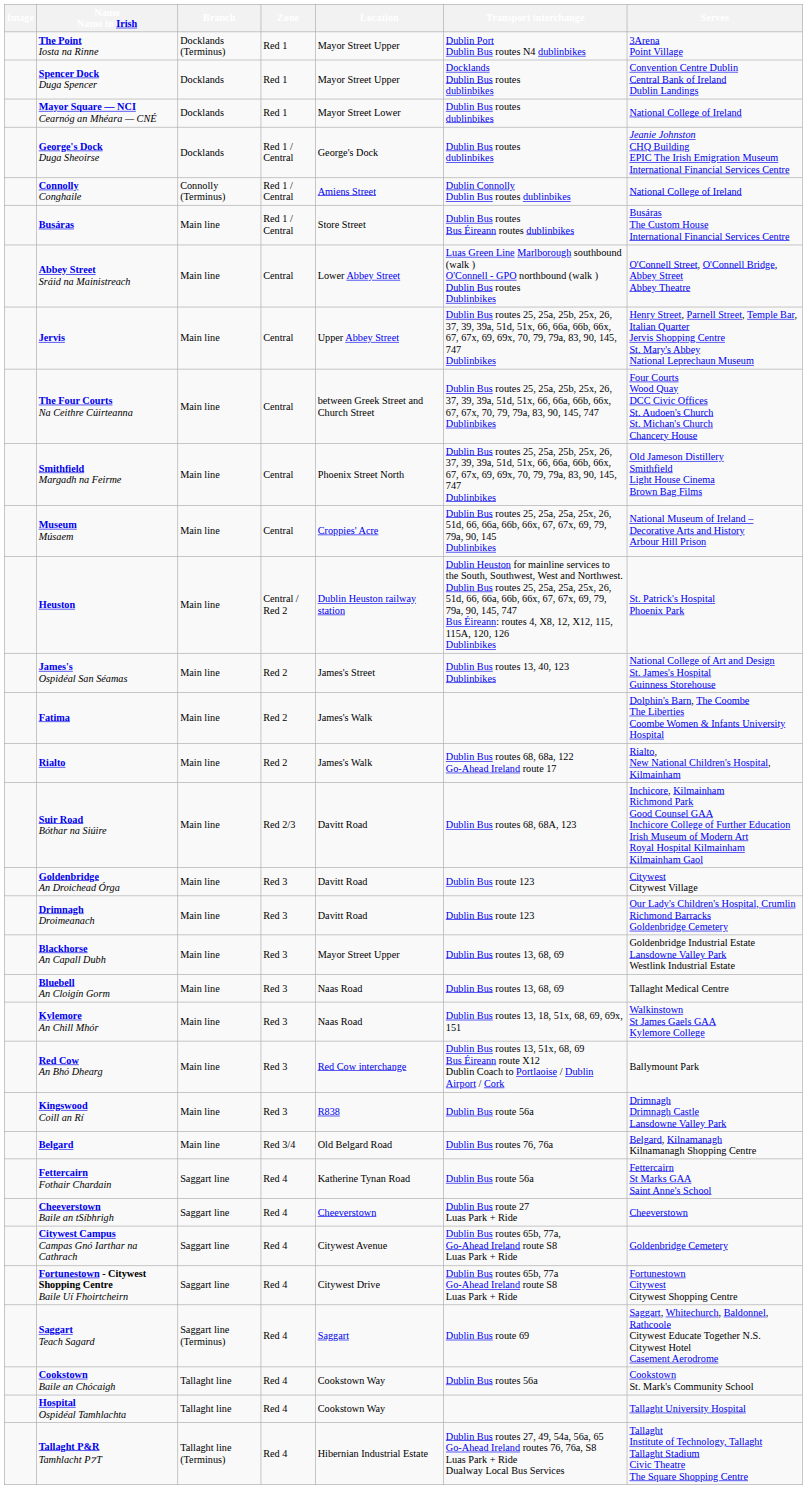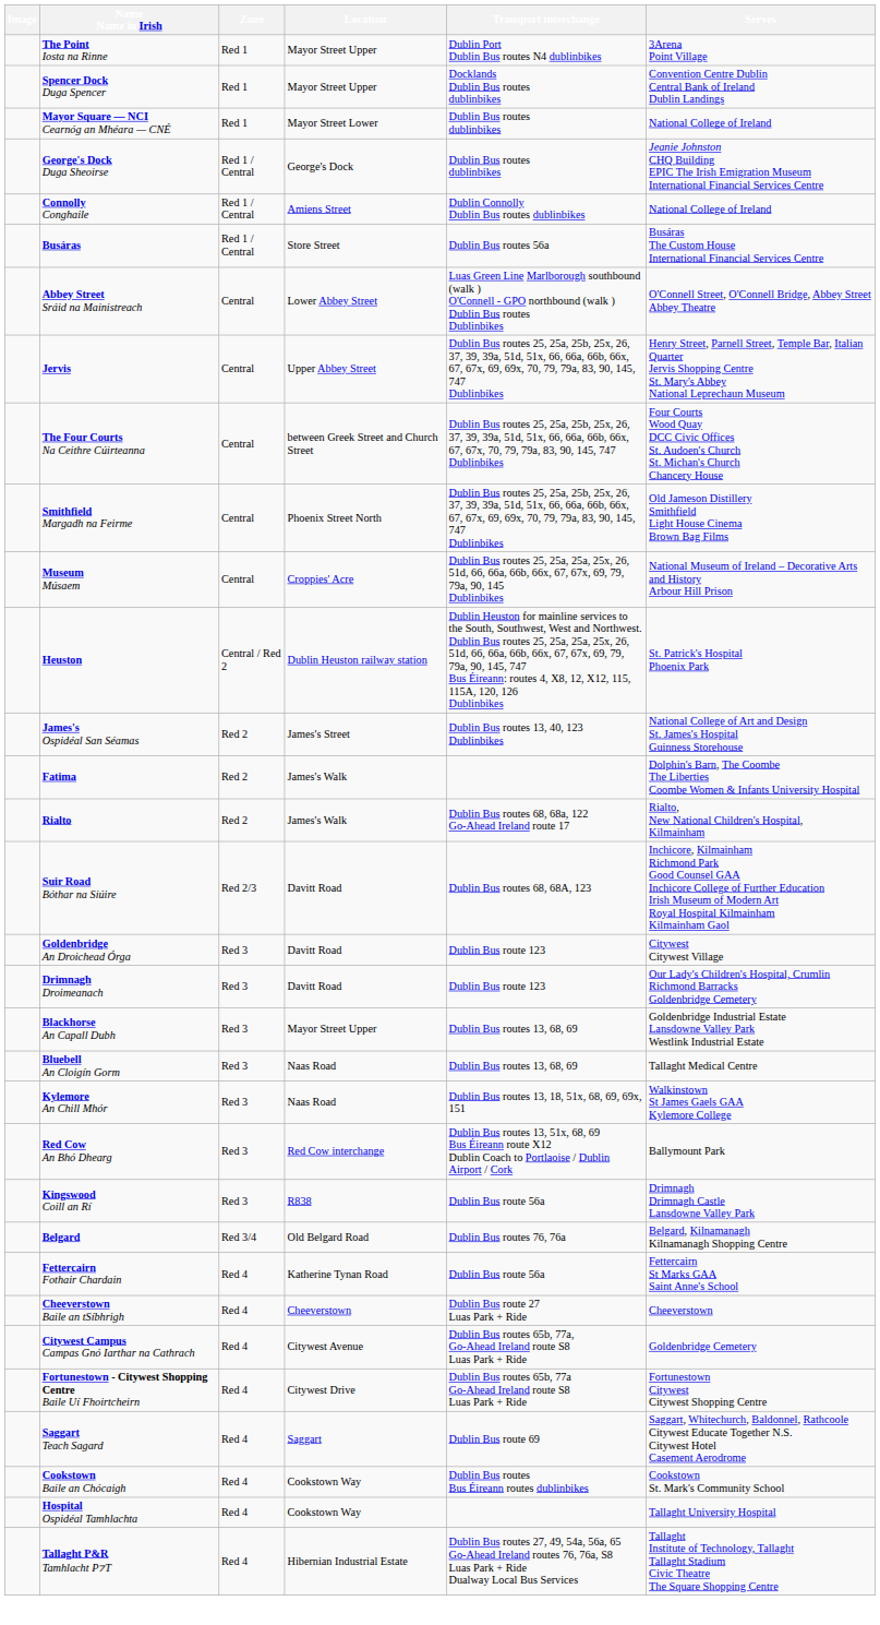 <table class="wikitable" style="text-align: left">
 <tr>
 <th style="color: white; background-color: #">Image</th>
 <th style="color: white; background-color: #">Name<br>Name in <a href='#'>Irish</a></th>
-<th style="color: white; background-color: #">Branch</th>
 <th style="color: white; background-color: #">Zone</th>
 <th style="color: white; background-color: #">Location</th>
 <th width=23% style="color: white; background-color: #">Transport interchange</th>
 <th style="color: white; background-color: #">Serves</th>
 </tr>
 <tr>
 <td></td>
 <td><strong><a href='#'>The Point</a></strong><br><em>Iosta na Rinne</em></td>
-<td>Docklands (Terminus)</td>
 <td>Red 1</td>
 <td>Mayor Street Upper<br> </td>
 <td> <a href='#'>Dublin Port</a><br> <a href='#'>Dublin Bus</a> routes N4   <a href='#'>dublinbikes</a></td>
 <td><a href='#'>3Arena</a><br><a href='#'>Point Village</a></td>
 </tr>
 <tr>
 <td></td>
 <td><strong><a href='#'>Spencer Dock</a></strong><br><em>Duga Spencer</em></td>
-<td>Docklands</td>
 <td>Red 1</td>
 <td>Mayor Street Upper<br> </td>
 <td> <a href='#'>Docklands</a><br>  <a href='#'>Dublin Bus</a> routes<br> <a href='#'>dublinbikes</a></td>
 <td><a href='#'>Convention Centre Dublin</a><br><a href='#'>Central Bank of Ireland</a><br><a href='#'>Dublin Landings</a></td>
 </tr>
 <tr>
 <td></td>
 <td><strong><a href='#'>Mayor Square — NCI</a></strong><br><em>Cearnóg an Mhéara — CNÉ</em></td>
-<td>Docklands</td>
 <td>Red 1</td>
 <td>Mayor Street Lower<br> </td>
 <td> <a href='#'>Dublin Bus</a> routes<br> <a href='#'>dublinbikes</a></td>
 <td><a href='#'>National College of Ireland</a></td>
 </tr>
 <tr>
 <td></td>
 <td><strong><a href='#'>George's Dock</a></strong><br><em>Duga Sheoirse</em></td>
-<td>Docklands</td>
 <td>Red 1 / Central</td>
 <td>George's Dock<br> </td>
 <td> <a href='#'>Dublin Bus</a> routes<br> <a href='#'>dublinbikes</a></td>
 <td><em><a href='#'>Jeanie Johnston</a></em><br><a href='#'>CHQ Building</a><br><a href='#'>EPIC The Irish Emigration Museum</a><br><a href='#'>International Financial Services Centre</a></td>
 </tr>
 <tr>
 <td></td>
 <td><strong><a href='#'>Connolly</a></strong><br><em>Conghaile</em></td>
-<td>Connolly (Terminus)</td>
 <td>Red 1 / Central</td>
 <td><a href='#'>Amiens Street</a><br> </td>
 <td> <a href='#'>Dublin Connolly</a><br> <a href='#'>Dublin Bus</a> routes  <a href='#'>dublinbikes</a></td>
 <td><a href='#'>National College of Ireland</a></td>
 </tr>
 <tr>
 <td></td>
 <td><strong><a href='#'>Busáras</a></strong></td>
-<td>Main line</td>
 <td>Red 1 / Central</td>
 <td>Store Street<br> </td>
-<td> <a href='#'>Dublin Bus</a> routes<br> <a href='#'>Bus Éireann</a> routes  <a href='#'>dublinbikes</a></td>
+<td> <a href='#'>Dublin Bus</a> routes 56a</td>
 <td><a href='#'>Busáras</a><br><a href='#'>The Custom House</a><br><a href='#'>International Financial Services Centre</a></td>
 </tr>
 <tr>
 <td></td>
 <td><strong><a href='#'>Abbey Street</a></strong><br><em>Sráid na Mainistreach</em></td>
-<td>Main line</td>
 <td>Central</td>
 <td>Lower <a href='#'>Abbey Street</a><br> </td>
 <td> <a href='#'>Luas Green Line</a> <a href='#'>Marlborough</a> southbound (walk )<br> <a href='#'>O'Connell - GPO</a> northbound (walk )<br> <a href='#'>Dublin Bus</a> routes <br> <a href='#'>Dublinbikes</a></td>
 <td><a href='#'>O'Connell Street</a>, <a href='#'>O'Connell Bridge</a>, <a href='#'>Abbey Street</a><br><a href='#'>Abbey Theatre</a></td>
 </tr>
 <tr>
 <td></td>
 <td><strong><a href='#'>Jervis</a></strong></td>
-<td>Main line</td>
 <td>Central</td>
 <td>Upper <a href='#'>Abbey Street</a><br></td>
 <td> <a href='#'>Dublin Bus</a> routes 25, 25a, 25b, 25x, 26, 37, 39, 39a, 51d, 51x, 66, 66a, 66b, 66x, 67, 67x, 69, 69x, 70, 79, 79a, 83, 90, 145, 747<br> <a href='#'>Dublinbikes</a></td>
 <td><a href='#'>Henry Street</a>, <a href='#'>Parnell Street</a>, <a href='#'>Temple Bar</a>, <a href='#'>Italian Quarter</a><br><a href='#'>Jervis Shopping Centre</a><br><a href='#'>St. Mary's Abbey</a><br><a href='#'>National Leprechaun Museum</a></td>
 </tr>
 <tr>
 <td></td>
 <td><strong><a href='#'>The Four Courts</a></strong><br><em>Na Ceithre Cúirteanna</em></td>
-<td>Main line</td>
 <td>Central</td>
 <td>between Greek Street and Church Street<br></td>
 <td> <a href='#'>Dublin Bus</a> routes 25, 25a, 25b, 25x, 26, 37, 39, 39a, 51d, 51x, 66, 66a, 66b, 66x, 67, 67x, 70, 79, 79a, 83, 90, 145, 747<br> <a href='#'>Dublinbikes</a></td>
 <td><a href='#'>Four Courts</a><br><a href='#'>Wood Quay</a><br><a href='#'>DCC Civic Offices</a><br><a href='#'>St. Audoen's Church</a><br><a href='#'>St. Michan's Church</a><br><a href='#'>Chancery House</a></td>
 </tr>
 <tr>
 <td></td>
 <td><strong><a href='#'>Smithfield</a></strong><br><em>Margadh na Feirme</em></td>
-<td>Main line</td>
 <td>Central</td>
 <td>Phoenix Street North<br></td>
 <td> <a href='#'>Dublin Bus</a> routes 25, 25a, 25b, 25x, 26, 37, 39, 39a, 51d, 51x, 66, 66a, 66b, 66x, 67, 67x, 69, 69x, 70, 79, 79a, 83, 90, 145, 747<br> <a href='#'>Dublinbikes</a></td>
 <td><a href='#'>Old Jameson Distillery</a><br><a href='#'>Smithfield</a><br><a href='#'>Light House Cinema</a><br><a href='#'>Brown Bag Films</a></td>
 </tr>
 <tr>
 <td></td>
 <td><strong><a href='#'>Museum</a></strong><br><em>Músaem</em></td>
-<td>Main line</td>
 <td>Central</td>
 <td><a href='#'>Croppies' Acre</a><br></td>
 <td> <a href='#'>Dublin Bus</a> routes 25, 25a, 25a, 25x, 26, 51d, 66, 66a, 66b, 66x, 67, 67x, 69, 79, 79a, 90, 145<br> <a href='#'>Dublinbikes</a></td>
 <td><a href='#'>National Museum of Ireland – Decorative Arts and History</a><br><a href='#'>Arbour Hill Prison</a></td>
 </tr>
 <tr>
 <td></td>
 <td><strong><a href='#'>Heuston</a></strong></td>
-<td>Main line</td>
 <td>Central / Red 2</td>
 <td><a href='#'>Dublin Heuston railway station</a><br></td>
 <td> <a href='#'>Dublin Heuston</a> for mainline services to the South, Southwest, West and Northwest.<br> <a href='#'>Dublin Bus</a> routes 25, 25a, 25a, 25x, 26, 51d, 66, 66a, 66b, 66x, 67, 67x, 69, 79, 79a, 90, 145, 747 <br> <a href='#'>Bus Éireann</a>: routes 4, X8, 12, X12, 115, 115A, 120, 126<br> <a href='#'>Dublinbikes</a><br></td>
 <td><a href='#'>St. Patrick's Hospital</a><br><a href='#'>Phoenix Park</a></td>
 </tr>
 <tr>
 <td></td>
 <td><strong><a href='#'>James's</a></strong><br><em>Ospidéal San Séamas</em></td>
-<td>Main line</td>
 <td>Red 2</td>
 <td>James's Street<br></td>
 <td> <a href='#'>Dublin Bus</a> routes 13, 40, 123<br> <a href='#'>Dublinbikes</a></td>
 <td><a href='#'>National College of Art and Design</a><br><a href='#'>St. James's Hospital</a><br><a href='#'>Guinness Storehouse</a></td>
 </tr>
 <tr>
 <td></td>
 <td><strong><a href='#'>Fatima</a></strong></td>
-<td>Main line</td>
 <td>Red 2</td>
 <td>James's Walk<br></td>
 <td></td>
 <td><a href='#'>Dolphin's Barn</a>, <a href='#'>The Coombe</a><br><a href='#'>The Liberties</a><br><a href='#'>Coombe Women & Infants University Hospital</a></td>
 </tr>
 <tr>
 <td></td>
 <td><strong><a href='#'>Rialto</a></strong></td>
-<td>Main line</td>
 <td>Red 2</td>
 <td>James's Walk<br></td>
 <td> <a href='#'>Dublin Bus</a> routes 68, 68a, 122<br> <a href='#'>Go-Ahead Ireland</a> route 17</td>
 <td><a href='#'>Rialto</a>,<br> <a href='#'>New National Children's Hospital</a>,<br> <a href='#'>Kilmainham</a></td>
 </tr>
 <tr>
 <td></td>
 <td><strong><a href='#'>Suir Road</a></strong><br><em>Bóthar na Siúire</em></td>
-<td>Main line</td>
 <td>Red 2/3</td>
 <td>Davitt Road<br></td>
 <td> <a href='#'>Dublin Bus</a> routes 68, 68A, 123</td>
 <td><a href='#'>Inchicore</a>, <a href='#'>Kilmainham</a><br> <a href='#'>Richmond Park</a><br><a href='#'>Good Counsel GAA</a><br><a href='#'>Inchicore College of Further Education</a><br><a href='#'>Irish Museum of Modern Art</a><br><a href='#'>Royal Hospital Kilmainham</a><br><a href='#'>Kilmainham Gaol</a></td>
 </tr>
 <tr>
 <td></td>
 <td><strong><a href='#'>Goldenbridge</a></strong><br><em>An Droichead Órga</em></td>
-<td>Main line</td>
 <td>Red 3</td>
 <td>Davitt Road<br></td>
 <td> <a href='#'>Dublin Bus</a> route 123</td>
 <td><a href='#'>Citywest</a> <br>Citywest Village</td>
 </tr>
 <tr>
 <td></td>
 <td><strong><a href='#'>Drimnagh</a></strong><br><em>Droimeanach</em></td>
-<td>Main line</td>
 <td>Red 3</td>
 <td>Davitt Road<br></td>
 <td> <a href='#'>Dublin Bus</a> route 123</td>
 <td><a href='#'>Our Lady's Children's Hospital, Crumlin</a><br><a href='#'>Richmond Barracks</a><br><a href='#'>Goldenbridge Cemetery</a></td>
 </tr>
 <tr>
 <td></td>
 <td><strong><a href='#'>Blackhorse</a></strong><br><em>An Capall Dubh</em></td>
-<td>Main line</td>
 <td>Red 3</td>
 <td>Mayor Street Upper<br></td>
 <td> <a href='#'>Dublin Bus</a> routes 13, 68, 69</td>
 <td>Goldenbridge Industrial Estate<br><a href='#'>Lansdowne Valley Park</a><br>Westlink Industrial Estate</td>
 </tr>
 <tr>
 <td></td>
 <td><strong><a href='#'>Bluebell</a></strong><br><em>An Cloigín Gorm</em></td>
-<td>Main line</td>
 <td>Red 3</td>
 <td>Naas Road<br></td>
 <td> <a href='#'>Dublin Bus</a> routes 13, 68, 69</td>
 <td>Tallaght Medical Centre</td>
 </tr>
 <tr>
 <td></td>
 <td><strong><a href='#'>Kylemore</a></strong><br><em>An Chill Mhór</em></td>
-<td>Main line</td>
 <td>Red 3</td>
 <td>Naas Road<br> </td>
 <td> <a href='#'>Dublin Bus</a> routes 13, 18, 51x, 68, 69, 69x, 151</td>
 <td><a href='#'>Walkinstown</a><br><a href='#'>St James Gaels GAA</a><br><a href='#'>Kylemore College</a></td>
 </tr>
 <tr>
 <td></td>
 <td><strong><a href='#'>Red Cow</a></strong><br><em>An Bhó Dhearg</em></td>
-<td>Main line</td>
 <td>Red 3</td>
 <td><a href='#'>Red Cow interchange</a><br></td>
 <td> <a href='#'>Dublin Bus</a> routes 13, 51x, 68, 69<br>  <a href='#'>Bus Éireann</a> route X12 <br>  Dublin Coach to <a href='#'>Portlaoise</a> / <a href='#'>Dublin Airport</a> / <a href='#'>Cork</a></td>
 <td>Ballymount Park</td>
 </tr>
 <tr>
 <td></td>
 <td><strong><a href='#'>Kingswood</a></strong><br><em>Coill an Rí</em></td>
-<td>Main line</td>
 <td>Red 3</td>
 <td><a href='#'>R838</a><br></td>
 <td> <a href='#'>Dublin Bus</a> route 56a</td>
 <td><a href='#'>Drimnagh</a><br><a href='#'>Drimnagh Castle</a><br><a href='#'>Lansdowne Valley Park</a></td>
 </tr>
 <tr>
 <td></td>
 <td><strong><a href='#'>Belgard</a></strong></td>
-<td>Main line</td>
 <td>Red 3/4</td>
 <td>Old Belgard Road<br></td>
 <td> <a href='#'>Dublin Bus</a> routes 76, 76a</td>
 <td><a href='#'>Belgard</a>, <a href='#'>Kilnamanagh</a><br>Kilnamanagh Shopping Centre</td>
 </tr>
 <tr>
 <td></td>
 <td><strong><a href='#'>Fettercairn</a></strong><br><em>Fothair Chardain</em></td>
-<td>Saggart line</td>
 <td>Red 4</td>
 <td>Katherine Tynan Road<br> </td>
 <td> <a href='#'>Dublin Bus</a> route 56a</td>
 <td><a href='#'>Fettercairn</a><br><a href='#'>St Marks GAA</a><br><a href='#'>Saint Anne's School</a></td>
 </tr>
 <tr>
 <td></td>
 <td><strong><a href='#'>Cheeverstown</a></strong><br><em>Baile an tSíbhrigh</em></td>
-<td>Saggart line</td>
 <td>Red 4</td>
 <td><a href='#'>Cheeverstown</a><br></td>
 <td> <a href='#'>Dublin Bus</a> route 27 <br>Luas Park + Ride</td>
 <td><a href='#'>Cheeverstown</a></td>
 </tr>
 <tr>
 <td></td>
 <td><strong><a href='#'>Citywest Campus</a></strong><br><em>Campas Gnó Iarthar na Cathrach</em></td>
-<td>Saggart line</td>
 <td>Red 4</td>
 <td>Citywest Avenue<br></td>
 <td> <a href='#'>Dublin Bus</a> routes 65b, 77a,<br> <a href='#'>Go-Ahead Ireland</a> route S8<br>Luas Park + Ride</td>
 <td><a href='#'>Goldenbridge Cemetery</a></td>
 </tr>
 <tr>
 <td></td>
 <td><strong><a href='#'>Fortunestown</a> - Citywest Shopping Centre</strong><br><em>Baile Uí Fhoirtcheirn</em></td>
-<td>Saggart line</td>
 <td>Red 4</td>
 <td>Citywest Drive<br></td>
 <td> <a href='#'>Dublin Bus</a> routes 65b, 77a<br> <a href='#'>Go-Ahead Ireland</a> route S8<br>Luas Park + Ride</td>
 <td><a href='#'>Fortunestown</a> <br><a href='#'>Citywest</a> <br>Citywest Shopping Centre</td>
 </tr>
 <tr>
 <td></td>
 <td><strong><a href='#'>Saggart</a></strong><br><em>Teach Sagard</em></td>
-<td>Saggart line (Terminus)</td>
 <td>Red 4</td>
 <td><a href='#'>Saggart</a><br></td>
 <td> <a href='#'>Dublin Bus</a> route 69</td>
 <td><a href='#'>Saggart</a>, <a href='#'>Whitechurch</a>, <a href='#'>Baldonnel</a>, <a href='#'>Rathcoole</a><br>Citywest Educate Together N.S.<br>Citywest Hotel<br><a href='#'>Casement Aerodrome</a></td>
 </tr>
 <tr>
 <td></td>
 <td><strong><a href='#'>Cookstown</a></strong><br><em>Baile an Chócaigh</em></td>
-<td>Tallaght line</td>
 <td>Red 4</td>
 <td>Cookstown Way<br></td>
-<td> <a href='#'>Dublin Bus</a> routes 56a</td>
+<td> <a href='#'>Dublin Bus</a> routes<br> <a href='#'>Bus Éireann</a> routes  <a href='#'>dublinbikes</a></td>
 <td><a href='#'>Cookstown</a><br>St. Mark's Community School</td>
 </tr>
 <tr>
 <td></td>
 <td><strong><a href='#'>Hospital</a></strong><br><em>Ospidéal Tamhlachta</em></td>
-<td>Tallaght line</td>
 <td>Red 4</td>
 <td>Cookstown Way<br></td>
 <td></td>
 <td><a href='#'>Tallaght University Hospital</a></td>
 </tr>
 <tr>
 <td></td>
 <td><strong><a href='#'>Tallaght P&R</a></strong><br><em>Tamhlacht P⁊T</em></td>
-<td>Tallaght line (Terminus)</td>
 <td>Red 4</td>
 <td>Hibernian Industrial Estate<br></td>
 <td> <a href='#'>Dublin Bus</a> routes 27, 49, 54a, 56a, 65<br> <a href='#'>Go-Ahead Ireland</a> routes 76, 76a, S8<br>Luas Park + Ride<br>Dualway Local Bus Services</td>
 <td><a href='#'>Tallaght</a><br><a href='#'>Institute of Technology, Tallaght</a><br><a href='#'>Tallaght Stadium</a><br><a href='#'>Civic Theatre</a><br><a href='#'>The Square Shopping Centre</a></td>
 </tr>
 </table>
